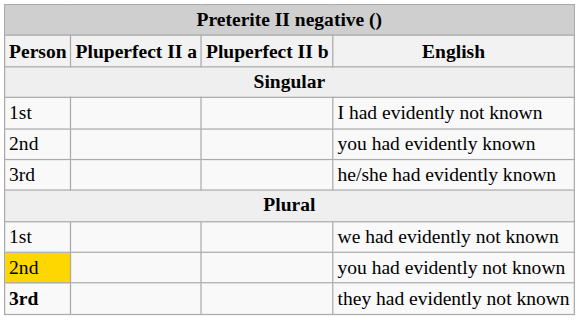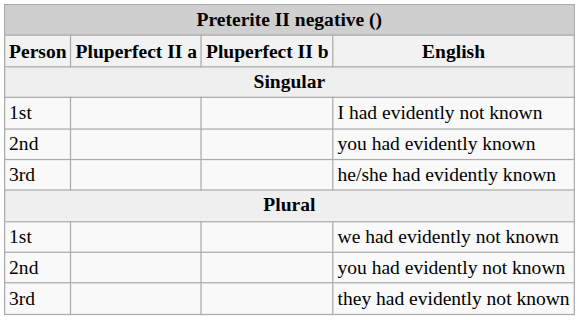 <table class="wikitable">
 <tr>
 <th colspan="4" style="background:#cfcfcf;">Preterite II negative ()</th>
 </tr>
 <tr style="background:#dfdfdf;" |>
 <th>Person</th>
 <th>Pluperfect II a</th>
 <th>Pluperfect II b</th>
 <th>English</th>
 </tr>
 <tr>
 <th colspan="4" style="background:#efefef">Singular</th>
 </tr>
 <tr>
 <td>1st</td>
 <td></td>
 <td></td>
 <td>I had evidently not known</td>
 </tr>
 <tr>
 <td>2nd</td>
 <td></td>
 <td></td>
 <td>you had evidently known</td>
 </tr>
 <tr>
 <td>3rd</td>
 <td></td>
 <td></td>
 <td>he/she had evidently known</td>
 </tr>
 <tr>
 <th colspan="4" style="background:#efefef">Plural</th>
 </tr>
 <tr>
 <td>1st</td>
 <td></td>
 <td></td>
 <td>we had evidently not known</td>
 </tr>
 <tr>
-<td style="background: gold;">2nd</td>
+<td>2nd</td>
 <td></td>
 <td></td>
 <td>you had evidently not known</td>
 </tr>
 <tr>
-<td><strong>3rd</strong></td>
+<td>3rd</td>
 <td></td>
 <td></td>
 <td>they had evidently not known</td>
 </tr>
 </table>
